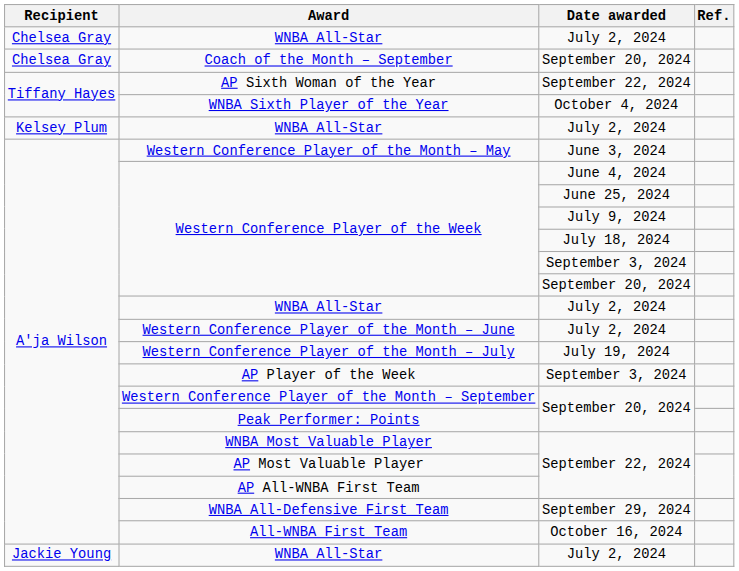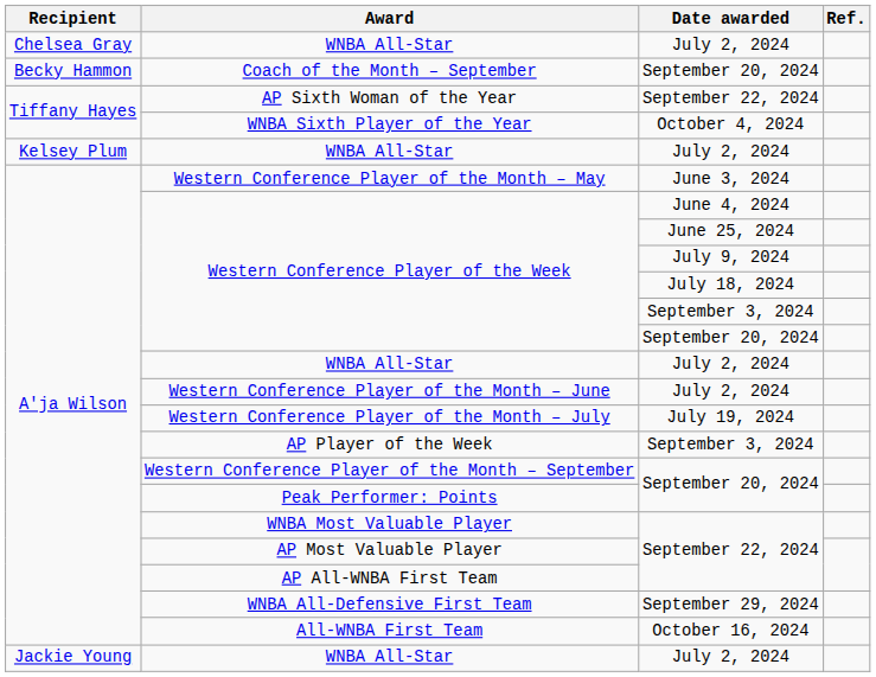 <table class="wikitable sortable sortable" style="text-align: center">
 <tr>
 <th>Recipient</th>
 <th>Award</th>
 <th>Date awarded</th>
 <th>Ref.</th>
 </tr>
 <tr>
 <td><a href='#'>Chelsea Gray</a></td>
 <td><a href='#'>WNBA All-Star</a></td>
 <td>July 2, 2024</td>
 <td></td>
 </tr>
 <tr>
-<td><a href='#'>Chelsea Gray</a></td>
+<td><a href='#'>Becky Hammon</a></td>
 <td><a href='#'>Coach of the Month – September</a></td>
 <td>September 20, 2024</td>
 <td></td>
 </tr>
 <tr>
 <td rowspan=2><a href='#'>Tiffany Hayes</a></td>
 <td><a href='#'>AP</a> Sixth Woman of the Year</td>
 <td>September 22, 2024</td>
 <td></td>
 </tr>
 <tr>
 <td><a href='#'>WNBA Sixth Player of the Year</a></td>
 <td>October 4, 2024</td>
 <td></td>
 </tr>
 <tr>
 <td><a href='#'>Kelsey Plum</a></td>
 <td><a href='#'>WNBA All-Star</a></td>
 <td>July 2, 2024</td>
 <td></td>
 </tr>
 <tr>
 <td rowspan=18><a href='#'>A'ja Wilson</a></td>
 <td><a href='#'>Western Conference Player of the Month – May</a></td>
 <td>June 3, 2024</td>
 <td></td>
 </tr>
 <tr>
 <td rowspan=6><a href='#'>Western Conference Player of the Week</a></td>
 <td>June 4, 2024</td>
 <td></td>
 </tr>
 <tr>
 <td>June 25, 2024</td>
 <td></td>
 </tr>
 <tr>
 <td>July 9, 2024</td>
 <td></td>
 </tr>
 <tr>
 <td>July 18, 2024</td>
 <td></td>
 </tr>
 <tr>
 <td>September 3, 2024</td>
 <td></td>
 </tr>
 <tr>
 <td>September 20, 2024</td>
 <td></td>
 </tr>
 <tr>
 <td><a href='#'>WNBA All-Star</a></td>
 <td>July 2, 2024</td>
 <td></td>
 </tr>
 <tr>
 <td><a href='#'>Western Conference Player of the Month – June</a></td>
 <td>July 2, 2024</td>
 <td></td>
 </tr>
 <tr>
 <td><a href='#'>Western Conference Player of the Month – July</a></td>
 <td>July 19, 2024</td>
 <td></td>
 </tr>
 <tr>
 <td><a href='#'>AP</a> Player of the Week</td>
 <td>September 3, 2024</td>
 <td></td>
 </tr>
 <tr>
 <td><a href='#'>Western Conference Player of the Month – September</a></td>
 <td rowspan=2>September 20, 2024</td>
 <td></td>
 </tr>
 <tr>
 <td><a href='#'>Peak Performer: Points</a></td>
 <td></td>
 </tr>
 <tr>
 <td><a href='#'>WNBA Most Valuable Player</a></td>
 <td rowspan=3>September 22, 2024</td>
 <td></td>
 </tr>
 <tr>
 <td><a href='#'>AP</a> Most Valuable Player</td>
 <td rowspan=2></td>
 </tr>
 <tr>
 <td><a href='#'>AP</a> All-WNBA First Team</td>
 </tr>
 <tr>
 <td><a href='#'>WNBA All-Defensive First Team</a></td>
 <td>September 29, 2024</td>
 <td></td>
 </tr>
 <tr>
 <td><a href='#'>All-WNBA First Team</a></td>
 <td>October 16, 2024</td>
 <td></td>
 </tr>
 <tr>
 <td><a href='#'>Jackie Young</a></td>
 <td><a href='#'>WNBA All-Star</a></td>
 <td>July 2, 2024</td>
 <td></td>
 </tr>
 </table>
